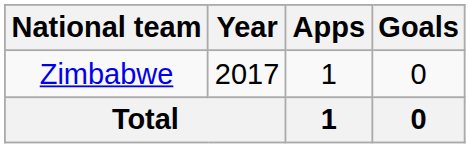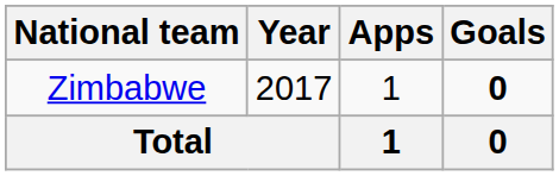 <table class="wikitable" style="text-align:center">
 <tr>
 <th>National team</th>
 <th>Year</th>
 <th>Apps</th>
 <th>Goals</th>
 </tr>
 <tr>
 <td rowspan="1"><a href='#'>Zimbabwe</a></td>
 <td>2017</td>
 <td>1</td>
-<td>0</td>
+<td><strong>0</strong></td>
 </tr>
 <tr>
 <th colspan=2>Total</th>
 <th>1</th>
 <th>0</th>
 </tr>
 </table>
